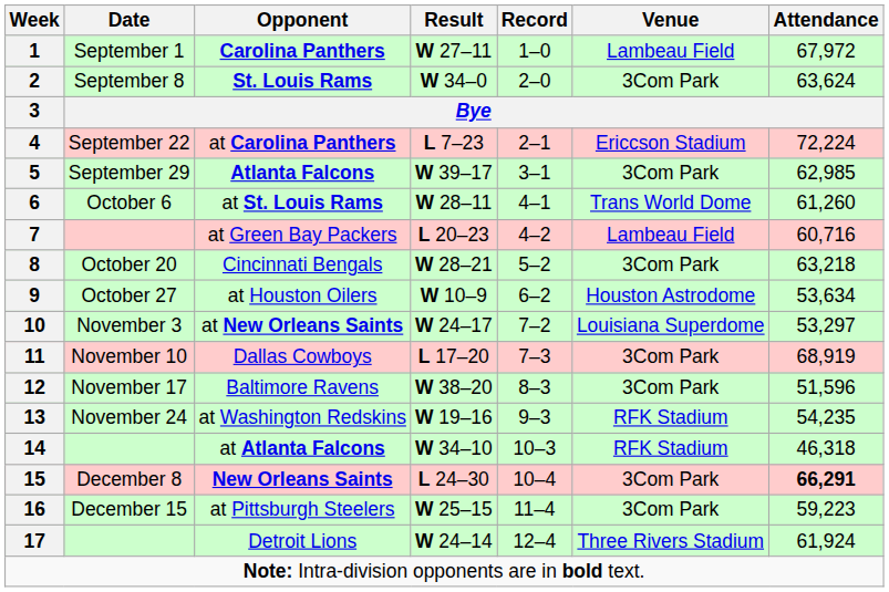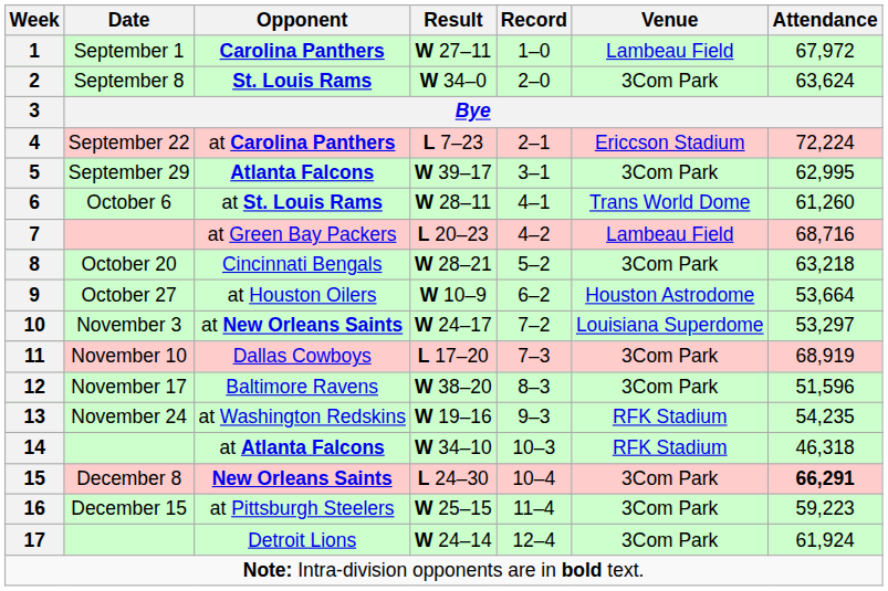 <table class="wikitable" style="text-align:center;">
 <tr>
 <th>Week</th>
 <th>Date</th>
 <th>Opponent</th>
 <th>Result</th>
 <th>Record</th>
 <th>Venue</th>
 <th>Attendance</th>
 </tr>
 <tr style="background:#cfc">
 <th>1</th>
 <td>September 1</td>
 <td><strong><a href='#'>Carolina Panthers</a></strong></td>
 <td><strong>W</strong> 27–11</td>
 <td>1–0</td>
 <td><a href='#'>Lambeau Field</a></td>
 <td>67,972</td>
 </tr>
 <tr style="background:#cfc">
 <th>2</th>
 <td>September 8</td>
 <td><strong><a href='#'>St. Louis Rams</a></strong></td>
 <td><strong>W</strong> 34–0</td>
 <td>2–0</td>
 <td>3Com Park</td>
 <td>63,624</td>
 </tr>
 <tr>
 <th>3</th>
 <th colspan=7  align=center><em><a href='#'>Bye</a></em></th>
 </tr>
 <tr style="background:#fcc">
 <th>4</th>
 <td>September 22</td>
 <td>at <strong><a href='#'>Carolina Panthers</a></strong></td>
 <td><strong>L</strong> 7–23</td>
 <td>2–1</td>
 <td><a href='#'>Ericcson Stadium</a></td>
 <td>72,224</td>
 </tr>
 <tr style="background:#cfc">
 <th>5</th>
 <td>September 29</td>
 <td><strong><a href='#'>Atlanta Falcons</a></strong></td>
 <td><strong>W</strong> 39–17</td>
 <td>3–1</td>
 <td>3Com Park</td>
-<td>62,985</td>
+<td>62,995</td>
 </tr>
 <tr style="background:#cfc">
 <th>6</th>
 <td>October 6</td>
 <td>at <strong><a href='#'>St. Louis Rams</a></strong></td>
 <td><strong>W</strong> 28–11</td>
 <td>4–1</td>
 <td><a href='#'>Trans World Dome</a></td>
 <td>61,260</td>
 </tr>
 <tr style="background:#fcc">
 <th>7</th>
 <td></td>
 <td>at <a href='#'>Green Bay Packers</a></td>
 <td><strong>L</strong> 20–23 </td>
 <td>4–2</td>
 <td><a href='#'>Lambeau Field</a></td>
-<td>60,716</td>
+<td>68,716</td>
 </tr>
 <tr style="background:#cfc">
 <th>8</th>
 <td>October 20</td>
 <td><a href='#'>Cincinnati Bengals</a></td>
 <td><strong>W</strong> 28–21</td>
 <td>5–2</td>
 <td>3Com Park</td>
 <td>63,218</td>
 </tr>
 <tr style="background:#cfc">
 <th>9</th>
 <td>October 27</td>
 <td>at <a href='#'>Houston Oilers</a></td>
 <td><strong>W</strong> 10–9</td>
 <td>6–2</td>
 <td><a href='#'>Houston Astrodome</a></td>
-<td>53,634</td>
+<td>53,664</td>
 </tr>
 <tr style="background:#cfc">
 <th>10</th>
 <td>November 3</td>
 <td>at <strong><a href='#'>New Orleans Saints</a></strong></td>
 <td><strong>W</strong> 24–17</td>
 <td>7–2</td>
 <td><a href='#'>Louisiana Superdome</a></td>
 <td>53,297</td>
 </tr>
 <tr style="background:#fcc">
 <th>11</th>
 <td>November 10</td>
 <td><a href='#'>Dallas Cowboys</a></td>
 <td><strong>L</strong> 17–20 </td>
 <td>7–3</td>
 <td>3Com Park</td>
 <td>68,919</td>
 </tr>
 <tr style="background:#cfc">
 <th>12</th>
 <td>November 17</td>
 <td><a href='#'>Baltimore Ravens</a></td>
 <td><strong>W</strong> 38–20</td>
 <td>8–3</td>
 <td>3Com Park</td>
 <td>51,596</td>
 </tr>
 <tr style="background:#cfc">
 <th>13</th>
 <td>November 24</td>
 <td>at <a href='#'>Washington Redskins</a></td>
 <td><strong>W</strong> 19–16 </td>
 <td>9–3</td>
 <td><a href='#'>RFK Stadium</a></td>
 <td>54,235</td>
 </tr>
 <tr style="background:#cfc">
 <th>14</th>
 <td></td>
 <td>at <strong><a href='#'>Atlanta Falcons</a></strong></td>
 <td><strong>W</strong> 34–10</td>
 <td>10–3</td>
 <td><a href='#'>RFK Stadium</a></td>
 <td>46,318</td>
 </tr>
 <tr style="background:#fcc">
 <th>15</th>
 <td>December 8</td>
 <td><strong><a href='#'>New Orleans Saints</a></strong></td>
 <td><strong>L</strong> 24–30</td>
 <td>10–4</td>
 <td>3Com Park</td>
 <td><strong>66,291</strong></td>
 </tr>
 <tr style="background:#cfc">
 <th>16</th>
 <td>December 15</td>
 <td>at <a href='#'>Pittsburgh Steelers</a></td>
 <td><strong>W</strong> 25–15</td>
 <td>11–4</td>
 <td>3Com Park</td>
 <td>59,223</td>
 </tr>
 <tr style="background:#cfc">
 <th>17</th>
 <td></td>
 <td><a href='#'>Detroit Lions</a></td>
 <td><strong>W</strong> 24–14</td>
 <td>12–4</td>
-<td><a href='#'>Three Rivers Stadium</a></td>
+<td>3Com Park</td>
 <td>61,924</td>
 </tr>
 <tr>
 <td colspan="8"><strong>Note:</strong> Intra-division opponents are in <strong>bold</strong> text.</td>
 </tr>
 </table>
